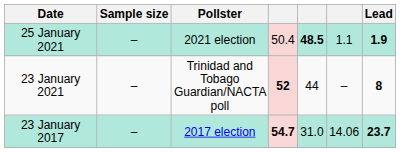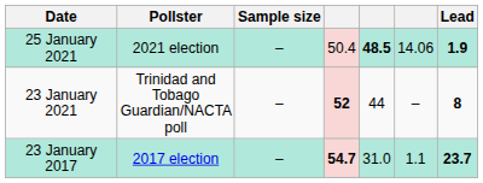 <table class="wikitable sortable collapsible" style="text-align:center;font-size:95%;">
 <tr>
 <th style="width:110px;">Date</th>
+<th style="width:110px;">Pollster</th>
 <th data-sort-type="number">Sample size</th>
-<th style="width:110px;">Pollster</th>
 <th data-sort-type="number" class="unsortable" style="background:"><a href='#'></a></th>
 <th class="unsortable" style="background:"></th>
 <th class="unsortable" style="background:"></th>
 <th>Lead</th>
 </tr>
 <tr style="background:#b0e9db;">
 <td>25 January 2021</td>
+<td>2021 election</td>
 <td>–</td>
-<td>2021 election</td>
 <td style="background:#F8D7D6;">50.4</td>
 <td><strong>48.5</strong></td>
-<td>1.1</td>
+<td>14.06</td>
 <td data-sort-value="1.99" style="background:"><strong>1.9</strong></td>
 </tr>
 <tr>
 <td>23 January 2021</td>
+<td>Trinidad and Tobago Guardian/NACTA poll</td>
 <td>–</td>
-<td>Trinidad and Tobago Guardian/NACTA poll</td>
 <td style="background:#F8D7D6;"><strong>52</strong></td>
 <td>44</td>
 <td>–</td>
 <td data-sort-value="5" style="background:"><strong>8</strong></td>
 </tr>
 <tr style="background:#b0e9db;">
 <td data-sort-value="2015-09-07">23 January 2017</td>
+<td><a href='#'>2017 election</a></td>
 <td>–</td>
-<td><a href='#'>2017 election</a></td>
 <td style="background:#F8D7D6;"><strong>54.7</strong></td>
 <td>31.0</td>
-<td>14.06</td>
+<td>1.1</td>
 <td data-sort-value="12.1" style="background:"><strong>23.7</strong></td>
 </tr>
 </table>
